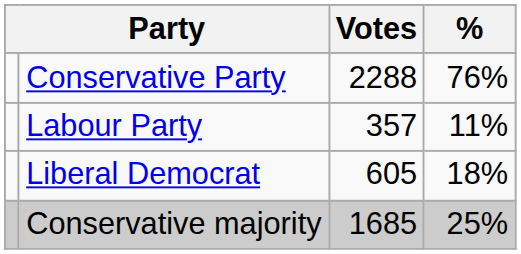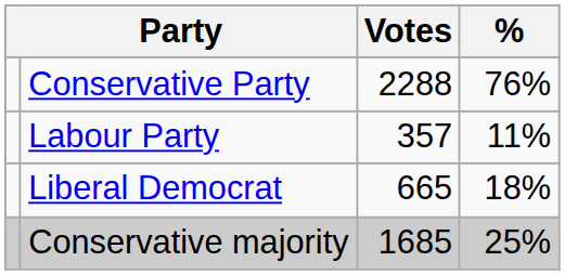 <table class="wikitable">
 <tr>
 <th colspan="2">Party</th>
 <th width="40px">Votes</th>
 <th width="40px">%</th>
 </tr>
 <tr>
 <td style="color:inherit;background:"></td>
 <td><a href='#'>Conservative Party</a></td>
 <td align="right">2288</td>
 <td align="right">76%</td>
 </tr>
 <tr>
 <td style="color:inherit;background:"></td>
 <td><a href='#'>Labour Party</a></td>
 <td align="right">357</td>
 <td align="right">11%</td>
 </tr>
 <tr>
 <td style="color:inherit;background:"></td>
 <td><a href='#'>Liberal Democrat</a></td>
-<td align="right">605</td>
+<td align="right">665</td>
 <td align="right">18%</td>
 </tr>
 <tr bgcolor="CCCCCC">
 <td style="color:inherit;background:"></td>
 <td>Conservative majority</td>
 <td align="right">1685</td>
 <td align="right">25%</td>
 </tr>
 </table>
